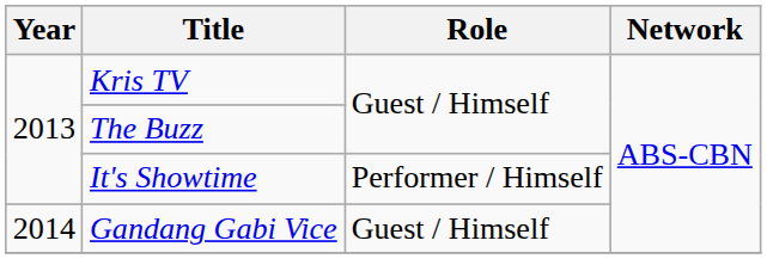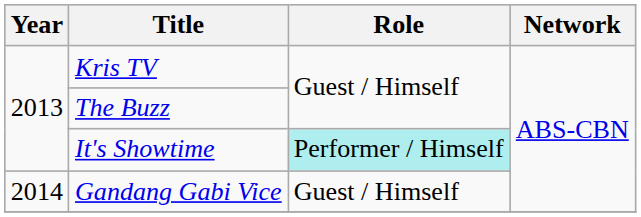 <table class="wikitable">
 <tr>
 <th>Year</th>
 <th>Title</th>
 <th>Role</th>
 <th>Network</th>
 </tr>
 <tr>
 <td rowspan="4">2013</td>
 <td><em><a href='#'>Kris TV</a></em></td>
 <td rowspan="2">Guest / Himself</td>
 <td rowspan="5"><a href='#'>ABS-CBN</a></td>
 </tr>
 <tr>
 <td><em><a href='#'>The Buzz</a></em></td>
 </tr>
 <tr>
 <td><em><a href='#'>It's Showtime</a></em></td>
-<td>Performer / Himself</td>
+<td style="background: paleturquoise;">Performer / Himself</td>
 </tr>
 <tr>
 <td rowspan="2"><em><a href='#'>Gandang Gabi Vice</a></em></td>
 <td rowspan="2">Guest / Himself</td>
 </tr>
 <tr>
 <td>2014</td>
 </tr>
 <tr>
 </tr>
 </table>
